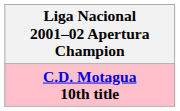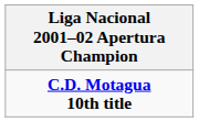 <table class="wikitable" style="text-align: center; margin: 0 auto; width: 20%">
 <tr>
 <th>Liga Nacional<br>2001–02 Apertura Champion</th>
 </tr>
 <tr>
-<td style="background: pink;"><strong><a href='#'>C.D. Motagua</a></strong><br><strong>10th title</strong></td>
+<td><strong><a href='#'>C.D. Motagua</a></strong><br><strong>10th title</strong></td>
 </tr>
 </table>
